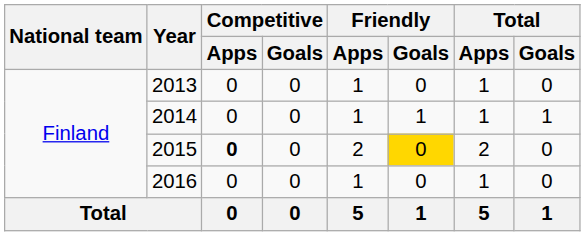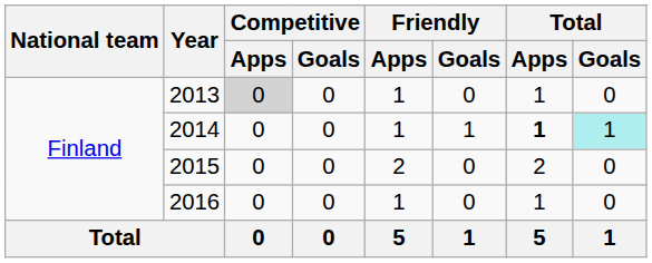 <table class="wikitable" style="text-align:center">
 <tr>
 <th rowspan="2">National team</th>
 <th rowspan="2">Year</th>
 <th colspan="2">Competitive</th>
 <th colspan="2">Friendly</th>
 <th colspan="2">Total</th>
 </tr>
 <tr>
 <th>Apps</th>
 <th>Goals</th>
 <th>Apps</th>
 <th>Goals</th>
 <th>Apps</th>
 <th>Goals</th>
 </tr>
 <tr>
 <td rowspan=4><a href='#'>Finland</a></td>
 <td>2013</td>
-<td>0</td>
+<td style="background: lightgrey;">0</td>
 <td>0</td>
 <td>1</td>
 <td>0</td>
 <td>1</td>
 <td>0</td>
 </tr>
 <tr>
 <td>2014</td>
 <td>0</td>
 <td>0</td>
 <td>1</td>
 <td>1</td>
-<td>1</td>
-<td>1</td>
+<td><strong>1</strong></td>
+<td style="background: paleturquoise;">1</td>
 </tr>
 <tr>
 <td>2015</td>
-<td><strong>0</strong></td>
+<td>0</td>
 <td>0</td>
 <td>2</td>
-<td style="background: gold;">0</td>
+<td>0</td>
 <td>2</td>
 <td>0</td>
 </tr>
 <tr>
 <td>2016</td>
 <td>0</td>
 <td>0</td>
 <td>1</td>
 <td>0</td>
 <td>1</td>
 <td>0</td>
 </tr>
 <tr>
 <th colspan=2>Total</th>
 <th>0</th>
 <th>0</th>
 <th>5</th>
 <th>1</th>
 <th>5</th>
 <th>1</th>
 </tr>
 </table>
